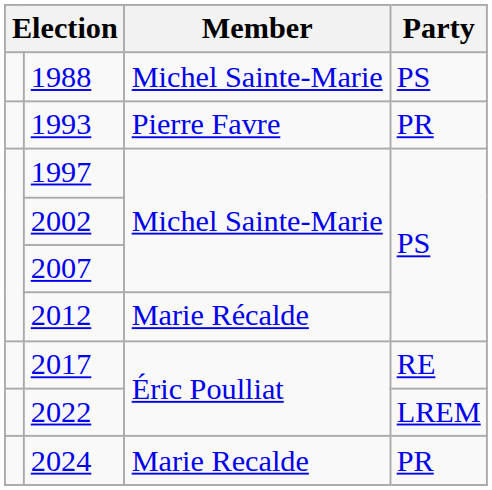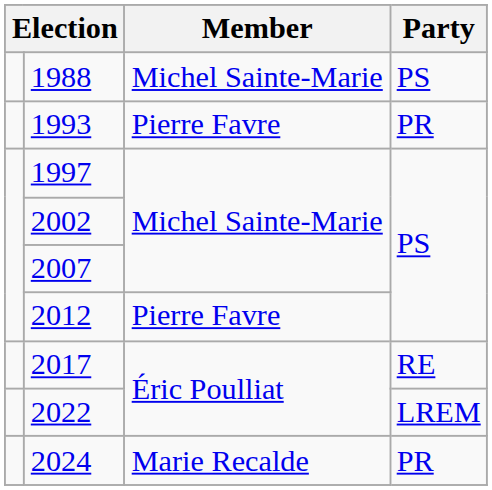 <table class="wikitable">
 <tr>
 <th colspan="2">Election</th>
 <th>Member</th>
 <th>Party</th>
 </tr>
 <tr>
 <td style="color:inherit;background-color: "></td>
 <td><a href='#'>1988</a></td>
 <td><a href='#'>Michel Sainte-Marie</a></td>
 <td><a href='#'>PS</a></td>
 </tr>
 <tr>
 <td style="color:inherit;background-color: "></td>
 <td><a href='#'>1993</a></td>
 <td><a href='#'>Pierre Favre</a></td>
 <td><a href='#'>PR</a></td>
 </tr>
 <tr>
 <td rowspan="4" style="color:inherit;background-color: "></td>
 <td><a href='#'>1997</a></td>
 <td rowspan=3><a href='#'>Michel Sainte-Marie</a></td>
 <td rowspan="4"><a href='#'>PS</a></td>
 </tr>
 <tr>
 <td><a href='#'>2002</a></td>
 </tr>
 <tr>
 <td><a href='#'>2007</a></td>
 </tr>
 <tr>
 <td><a href='#'>2012</a></td>
-<td><a href='#'>Marie Récalde</a></td>
+<td><a href='#'>Pierre Favre</a></td>
 </tr>
 <tr>
 <td style="color:inherit;background-color: "></td>
 <td><a href='#'>2017</a></td>
 <td rowspan="2"><a href='#'>Éric Poulliat</a></td>
 <td><a href='#'>RE</a></td>
 </tr>
 <tr>
 <td style="color:inherit;background-color: "></td>
 <td><a href='#'>2022</a></td>
 <td><a href='#'>LREM</a></td>
 </tr>
 <tr>
 <td style="color:inherit;background-color: "></td>
 <td><a href='#'>2024</a></td>
 <td><a href='#'>Marie Recalde</a></td>
 <td><a href='#'>PR</a></td>
 </tr>
 </table>
